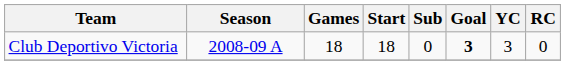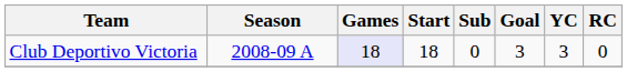 <table class="wikitable" border="1">
 <tr>
 <th width="160">Team</th>
 <th width="100">Season</th>
 <th width="25">Games</th>
 <th width="25">Start</th>
 <th width="25">Sub</th>
 <th width="25">Goal</th>
 <th width="25">YC</th>
 <th width="25">RC</th>
 </tr>
 <tr>
 <td width="100"><a href='#'>Club Deportivo Victoria</a> </td>
 <td align="center"><a href='#'>2008-09 A</a></td>
-<td align="center">18</td>
+<td align="center" style="background: lavender;">18</td>
 <td align="center">18</td>
 <td align="center">0</td>
-<td align="center"><strong>3</strong></td>
+<td align="center">3</td>
 <td align="center">3</td>
 <td align="center">0</td>
 </tr>
 <tr>
 </tr>
 </table>
